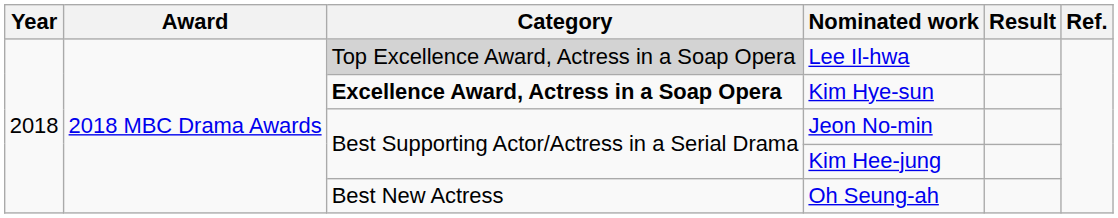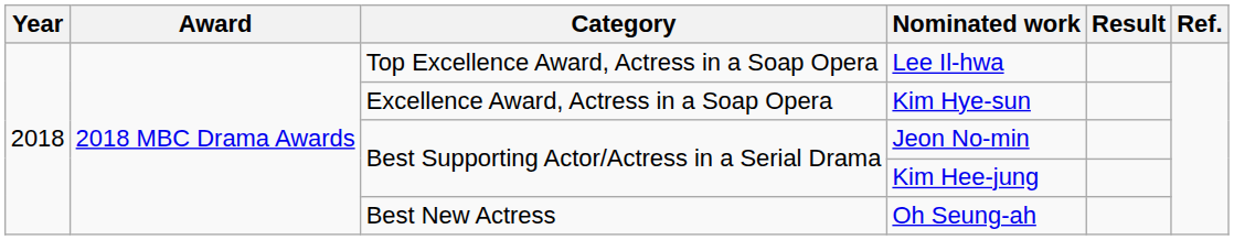 <table class="wikitable">
 <tr>
 <th>Year</th>
 <th>Award</th>
 <th>Category</th>
 <th>Nominated work</th>
 <th>Result</th>
 <th>Ref.</th>
 </tr>
 <tr>
 <td rowspan=5>2018</td>
 <td rowspan=5><a href='#'>2018 MBC Drama Awards</a></td>
-<td style="background: lightgrey;">Top Excellence Award, Actress in a Soap Opera</td>
+<td>Top Excellence Award, Actress in a Soap Opera</td>
 <td><a href='#'>Lee Il-hwa</a></td>
 <td></td>
 <td rowspan=5></td>
 </tr>
 <tr>
-<td><strong>Excellence Award, Actress in a Soap Opera</strong></td>
+<td>Excellence Award, Actress in a Soap Opera</td>
 <td><a href='#'>Kim Hye-sun</a></td>
 <td></td>
 </tr>
 <tr>
 <td rowspan=2>Best Supporting Actor/Actress in a Serial Drama</td>
 <td><a href='#'>Jeon No-min</a></td>
 <td></td>
 </tr>
 <tr>
 <td><a href='#'>Kim Hee-jung</a></td>
 <td></td>
 </tr>
 <tr>
 <td>Best New Actress</td>
 <td><a href='#'>Oh Seung-ah</a></td>
 <td></td>
 </tr>
 </table>
